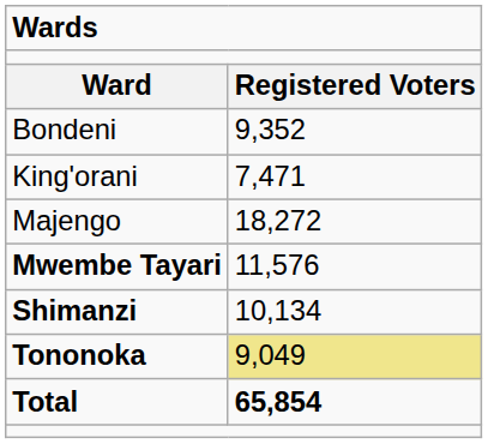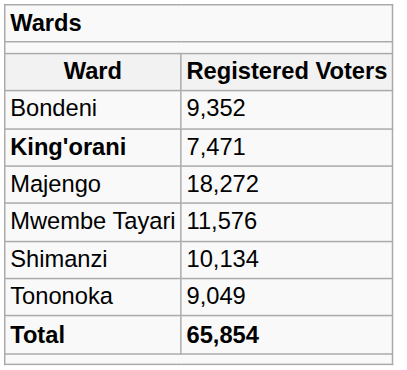 <table class="wikitable">
 <tr>
 <td colspan="2"><strong>Wards</strong></td>
 </tr>
 <tr>
 <td colspan="2"></td>
 </tr>
 <tr>
 <th>Ward</th>
 <th>Registered Voters</th>
 </tr>
 <tr>
 <td>Bondeni</td>
 <td>9,352</td>
 </tr>
 <tr>
-<td>King'orani</td>
+<td><strong>King'orani</strong></td>
 <td>7,471</td>
 </tr>
 <tr>
 <td>Majengo</td>
 <td>18,272</td>
 </tr>
 <tr>
-<td><strong>Mwembe Tayari</strong></td>
+<td>Mwembe Tayari</td>
 <td>11,576</td>
 </tr>
 <tr>
-<td><strong>Shimanzi</strong></td>
+<td>Shimanzi</td>
 <td>10,134</td>
 </tr>
 <tr>
-<td><strong>Tononoka</strong></td>
-<td style="background: khaki;">9,049</td>
+<td>Tononoka</td>
+<td>9,049</td>
 </tr>
 <tr>
 <td><strong>Total</strong></td>
 <td><strong>65,854</strong></td>
 </tr>
 <tr>
 <td colspan="2"></td>
 </tr>
 </table>
